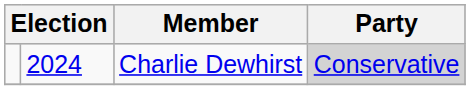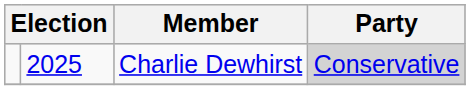 <table class="wikitable">
 <tr>
 <th colspan="2">Election</th>
 <th>Member</th>
 <th>Party</th>
 </tr>
 <tr>
 <td style="color:inherit;background-color: "></td>
-<td><a href='#'>2024</a></td>
+<td><a href='#'>2025</a></td>
 <td><a href='#'>Charlie Dewhirst</a></td>
 <td style="background: lightgrey;"><a href='#'>Conservative</a></td>
 </tr>
 <tr>
 </tr>
 </table>
